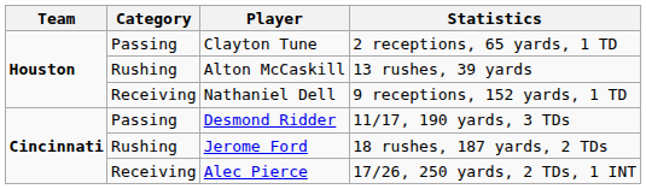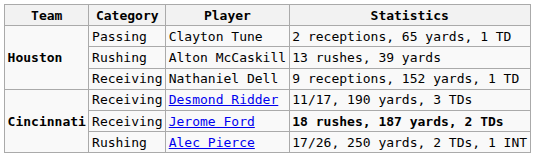 <table class="wikitable" style="float: left;">
 <tr>
 <th>Team</th>
 <th>Category</th>
 <th>Player</th>
 <th>Statistics</th>
 </tr>
 <tr>
 <td rowspan=3><strong>Houston</strong></td>
 <td>Passing</td>
 <td>Clayton Tune</td>
 <td>2 receptions, 65 yards, 1 TD</td>
 </tr>
 <tr>
 <td>Rushing</td>
 <td>Alton McCaskill</td>
 <td>13 rushes, 39 yards</td>
 </tr>
 <tr>
 <td>Receiving</td>
 <td>Nathaniel Dell</td>
 <td>9 receptions, 152 yards, 1 TD</td>
 </tr>
 <tr>
 <td rowspan=3><strong>Cincinnati</strong></td>
-<td>Passing</td>
+<td>Receiving</td>
 <td><a href='#'>Desmond Ridder</a></td>
 <td>11/17, 190 yards, 3 TDs</td>
 </tr>
 <tr>
-<td>Rushing</td>
+<td>Receiving</td>
 <td><a href='#'>Jerome Ford</a></td>
-<td>18 rushes, 187 yards, 2 TDs</td>
+<td><strong>18 rushes, 187 yards, 2 TDs</strong></td>
 </tr>
 <tr>
-<td>Receiving</td>
+<td>Rushing</td>
 <td><a href='#'>Alec Pierce</a></td>
 <td>17/26, 250 yards, 2 TDs, 1 INT</td>
 </tr>
 </table>
